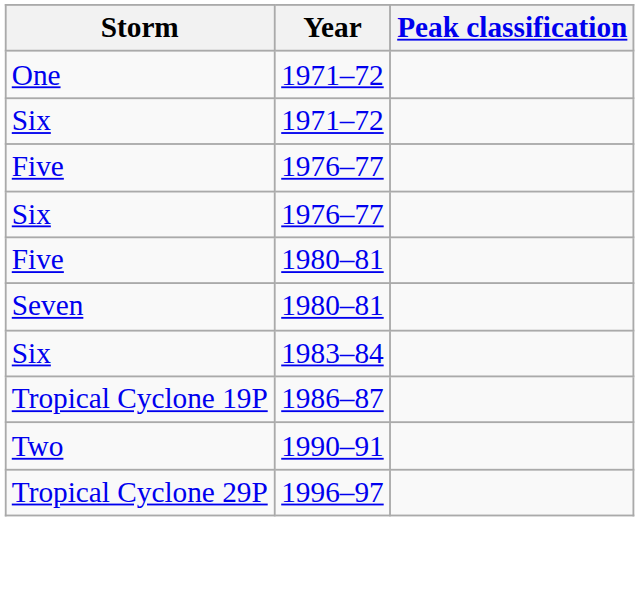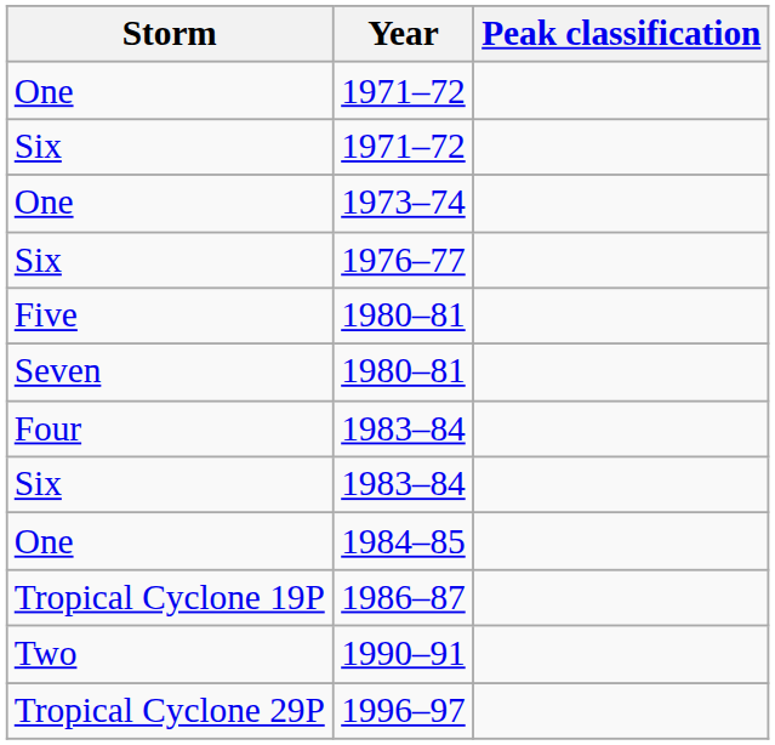 <table class="wikitable sortable" style="margin:auto;">
 <tr>
 <th>Storm</th>
 <th>Year</th>
 <th><a href='#'>Peak classification</a></th>
 </tr>
 <tr>
 <td><a href='#'>One</a></td>
 <td><a href='#'>1971–72</a></td>
 <td></td>
 </tr>
 <tr>
 <td><a href='#'>Six</a></td>
 <td><a href='#'>1971–72</a></td>
 <td></td>
 </tr>
 <tr>
-<td><a href='#'>Five</a></td>
-<td><a href='#'>1976–77</a></td>
+<td><a href='#'>One</a></td>
+<td><a href='#'>1973–74</a></td>
 <td></td>
 </tr>
 <tr>
 <td><a href='#'>Six</a></td>
 <td><a href='#'>1976–77</a></td>
 <td></td>
 </tr>
 <tr>
 <td><a href='#'>Five</a></td>
 <td><a href='#'>1980–81</a></td>
 <td></td>
 </tr>
 <tr>
 <td><a href='#'>Seven</a></td>
 <td><a href='#'>1980–81</a></td>
 <td></td>
 </tr>
 <tr>
+<td><a href='#'>Four</a></td>
+<td><a href='#'>1983–84</a></td>
+<td></td>
+</tr>
+<tr>
 <td><a href='#'>Six</a></td>
 <td><a href='#'>1983–84</a></td>
+<td></td>
+</tr>
+<tr>
+<td><a href='#'>One</a></td>
+<td><a href='#'>1984–85</a></td>
 <td></td>
 </tr>
 <tr>
 <td><a href='#'>Tropical Cyclone 19P</a></td>
 <td><a href='#'>1986–87</a></td>
 <td></td>
 </tr>
 <tr>
 <td><a href='#'>Two</a></td>
 <td><a href='#'>1990–91</a></td>
 <td></td>
 </tr>
 <tr>
 <td><a href='#'>Tropical Cyclone 29P</a></td>
 <td><a href='#'>1996–97</a></td>
 <td></td>
 </tr>
 </table>
